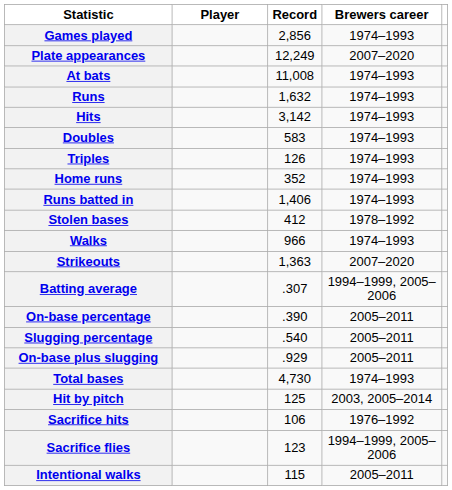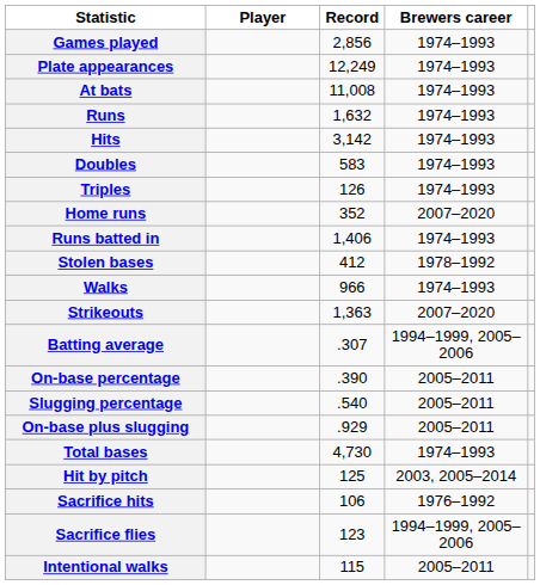 <table class="sortable wikitable plainrowheaders" style="text-align:center">
 <tr>
 <th width="200px" scope="col" style="background-color:#ffffff; border-top:#">Statistic</th>
 <th width="110px" scope="col" style="background-color:#ffffff; border-top:#">Player</th>
 <th width="60px" class="unsortable" scope="col" style="background-color:#ffffff; border-top:#">Record</th>
 <th width="140px" scope="col" style="background-color:#ffffff; border-top:#">Brewers career</th>
 <th class="unsortable" scope="col" style="background-color:#ffffff; border-top:#"></th>
 </tr>
 <tr>
 <th scope="row" style="text-align:center"><a href='#'>Games played</a></th>
 <td></td>
 <td>2,856</td>
 <td>1974–1993</td>
 <td></td>
 </tr>
 <tr>
 <th scope="row" style="text-align:center"><a href='#'>Plate appearances</a></th>
 <td></td>
 <td>12,249</td>
-<td>2007–2020</td>
+<td>1974–1993</td>
 <td></td>
 </tr>
 <tr>
 <th scope="row" style="text-align:center"><a href='#'>At bats</a></th>
 <td></td>
 <td>11,008</td>
 <td>1974–1993</td>
 <td></td>
 </tr>
 <tr>
 <th scope="row" style="text-align:center"><a href='#'>Runs</a></th>
 <td></td>
 <td>1,632</td>
 <td>1974–1993</td>
 <td></td>
 </tr>
 <tr>
 <th scope="row" style="text-align:center"><a href='#'>Hits</a></th>
 <td></td>
 <td>3,142</td>
 <td>1974–1993</td>
 <td></td>
 </tr>
 <tr>
 <th scope="row" style="text-align:center"><a href='#'>Doubles</a></th>
 <td></td>
 <td>583</td>
 <td>1974–1993</td>
 <td></td>
 </tr>
 <tr>
 <th scope="row" style="text-align:center"><a href='#'>Triples</a></th>
 <td></td>
 <td>126</td>
 <td>1974–1993</td>
 <td></td>
 </tr>
 <tr>
 <th scope="row" style="text-align:center"><a href='#'>Home runs</a></th>
 <td></td>
 <td>352</td>
-<td>1974–1993</td>
+<td>2007–2020</td>
 <td></td>
 </tr>
 <tr>
 <th scope="row" style="text-align:center"><a href='#'>Runs batted in</a></th>
 <td></td>
 <td>1,406</td>
 <td>1974–1993</td>
 <td></td>
 </tr>
 <tr>
 <th scope="row" style="text-align:center"><a href='#'>Stolen bases</a></th>
 <td></td>
 <td>412</td>
 <td>1978–1992</td>
 <td></td>
 </tr>
 <tr>
 <th scope="row" style="text-align:center"><a href='#'>Walks</a></th>
 <td></td>
 <td>966</td>
 <td>1974–1993</td>
 <td></td>
 </tr>
 <tr>
 <th scope="row" style="text-align:center"><a href='#'>Strikeouts</a></th>
 <td></td>
 <td>1,363</td>
 <td>2007–2020</td>
 <td></td>
 </tr>
 <tr>
 <th scope="row" style="text-align:center"><a href='#'>Batting average</a></th>
 <td></td>
 <td>.307</td>
 <td>1994–1999, 2005–2006</td>
 <td></td>
 </tr>
 <tr>
 <th scope="row" style="text-align:center"><a href='#'>On-base percentage</a></th>
 <td></td>
 <td>.390</td>
 <td>2005–2011</td>
 <td></td>
 </tr>
 <tr>
 <th scope="row" style="text-align:center"><a href='#'>Slugging percentage</a></th>
 <td></td>
 <td>.540</td>
 <td>2005–2011</td>
 <td></td>
 </tr>
 <tr>
 <th scope="row" style="text-align:center"><a href='#'>On-base plus slugging</a></th>
 <td></td>
 <td>.929</td>
 <td>2005–2011</td>
 <td></td>
 </tr>
 <tr>
 <th scope="row" style="text-align:center"><a href='#'>Total bases</a></th>
 <td></td>
 <td>4,730</td>
 <td>1974–1993</td>
 <td></td>
 </tr>
 <tr>
 <th scope="row" style="text-align:center"><a href='#'>Hit by pitch</a></th>
 <td></td>
 <td>125</td>
 <td>2003, 2005–2014</td>
 <td></td>
 </tr>
 <tr>
 <th scope="row" style="text-align:center"><a href='#'>Sacrifice hits</a></th>
 <td></td>
 <td>106</td>
 <td>1976–1992</td>
 <td></td>
 </tr>
 <tr>
 <th scope="row" style="text-align:center"><a href='#'>Sacrifice flies</a></th>
 <td></td>
 <td>123</td>
 <td>1994–1999, 2005–2006</td>
 <td></td>
 </tr>
 <tr>
 <th scope="row" style="text-align:center"><a href='#'>Intentional walks</a></th>
 <td></td>
 <td>115</td>
 <td>2005–2011</td>
 <td></td>
 </tr>
 </table>
